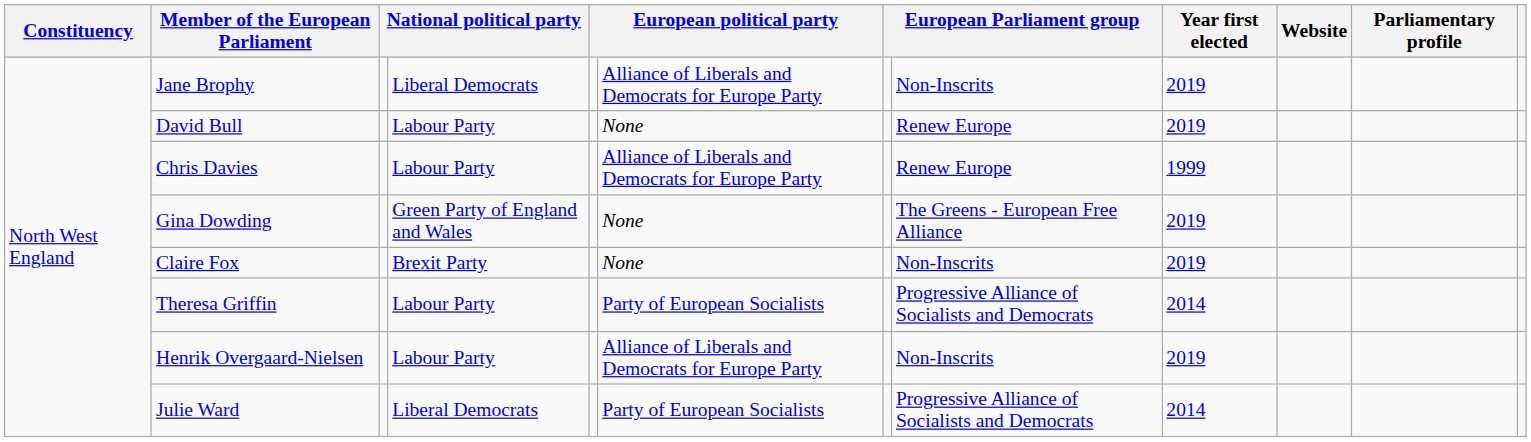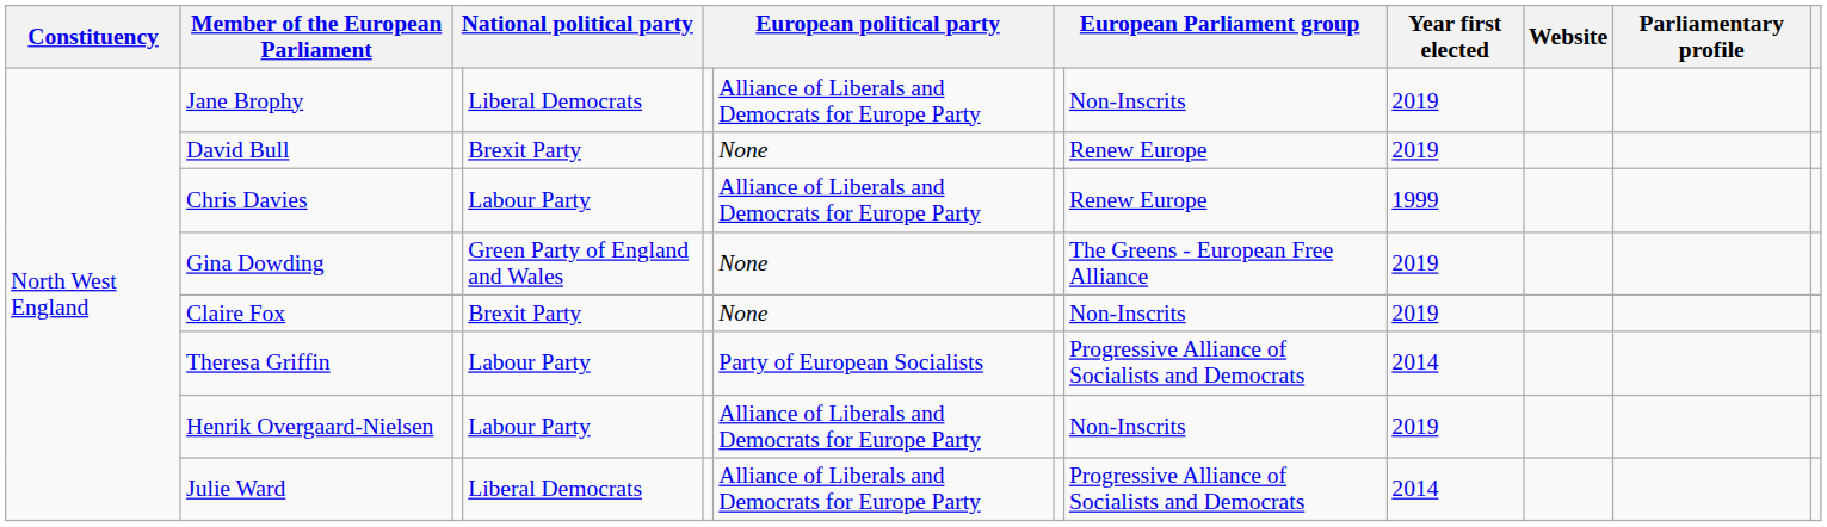 <table class="wikitable sortable">
 <tr>
 <th><a href='#'>Constituency</a></th>
 <th><a href='#'>Member of the European Parliament</a></th>
 <th colspan="2" style="vertical-align:top;"><a href='#'>National political party</a></th>
 <th colspan="2" style="vertical-align:top;"><a href='#'>European political party</a></th>
 <th colspan="2" style="vertical-align:top;"><a href='#'>European Parliament group</a></th>
 <th>Year first elected</th>
 <th>Website</th>
 <th>Parliamentary profile</th>
 <th></th>
 </tr>
 <tr>
 <td rowspan="8"><a href='#'>North West England</a></td>
 <td><a href='#'>Jane Brophy</a></td>
 <td style="color:inherit;background:"></td>
 <td><a href='#'>Liberal Democrats</a></td>
 <td style="color:inherit;background:"></td>
 <td><a href='#'>Alliance of Liberals and Democrats for Europe Party</a></td>
 <td style="color:inherit;background:"></td>
 <td><a href='#'>Non-Inscrits</a></td>
 <td><a href='#'>2019</a></td>
 <td></td>
 <td></td>
 <td></td>
 </tr>
 <tr>
 <td><a href='#'>David Bull</a></td>
 <td style="color:inherit;background:"></td>
-<td><a href='#'>Labour Party</a></td>
+<td><a href='#'>Brexit Party</a></td>
 <td bgcolor=></td>
 <td><em>None</em></td>
 <td style="color:inherit;background:"></td>
 <td><a href='#'>Renew Europe</a></td>
 <td><a href='#'>2019</a></td>
 <td></td>
 <td></td>
 <td></td>
 </tr>
 <tr>
 <td><a href='#'>Chris Davies</a></td>
 <td style="color:inherit;background:"></td>
 <td><a href='#'>Labour Party</a></td>
 <td style="color:inherit;background:"></td>
 <td><a href='#'>Alliance of Liberals and Democrats for Europe Party</a></td>
 <td style="color:inherit;background:"></td>
 <td><a href='#'>Renew Europe</a></td>
 <td><a href='#'>1999</a><br></td>
 <td></td>
 <td></td>
 <td></td>
 </tr>
 <tr>
 <td><a href='#'>Gina Dowding</a></td>
 <td style="color:inherit;background:"></td>
 <td><a href='#'>Green Party of England and Wales</a></td>
 <td style="color:inherit;background:"></td>
 <td><em>None</em></td>
 <td style="color:inherit;background:"></td>
 <td><a href='#'>The Greens - European Free Alliance</a></td>
 <td><a href='#'>2019</a></td>
 <td></td>
 <td></td>
 <td></td>
 </tr>
 <tr>
 <td><a href='#'>Claire Fox</a></td>
 <td style="color:inherit;background:"></td>
 <td><a href='#'>Brexit Party</a></td>
 <td bgcolor=></td>
 <td><em>None</em></td>
 <td style="color:inherit;background:"></td>
 <td><a href='#'>Non-Inscrits</a></td>
 <td><a href='#'>2019</a></td>
 <td></td>
 <td></td>
 <td></td>
 </tr>
 <tr>
 <td><a href='#'>Theresa Griffin</a></td>
 <td style="color:inherit;background:"></td>
 <td><a href='#'>Labour Party</a></td>
 <td style="color:inherit;background:"></td>
 <td><a href='#'>Party of European Socialists</a></td>
 <td style="color:inherit;background:"></td>
 <td><a href='#'>Progressive Alliance of Socialists and Democrats</a></td>
 <td><a href='#'>2014</a></td>
 <td></td>
 <td></td>
 <td></td>
 </tr>
 <tr>
 <td><a href='#'>Henrik Overgaard-Nielsen</a></td>
 <td style="color:inherit;background:"></td>
 <td><a href='#'>Labour Party</a></td>
 <td bgcolor=></td>
 <td><a href='#'>Alliance of Liberals and Democrats for Europe Party</a></td>
 <td style="color:inherit;background:"></td>
 <td><a href='#'>Non-Inscrits</a></td>
 <td><a href='#'>2019</a></td>
 <td></td>
 <td></td>
 <td></td>
 </tr>
 <tr>
 <td><a href='#'>Julie Ward</a></td>
 <td style="color:inherit;background:"></td>
 <td><a href='#'>Liberal Democrats</a></td>
 <td style="color:inherit;background:"></td>
-<td><a href='#'>Party of European Socialists</a></td>
+<td><a href='#'>Alliance of Liberals and Democrats for Europe Party</a></td>
 <td style="color:inherit;background:"></td>
 <td><a href='#'>Progressive Alliance of Socialists and Democrats</a></td>
 <td><a href='#'>2014</a></td>
 <td></td>
 <td></td>
 <td></td>
 </tr>
 </table>
